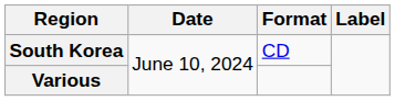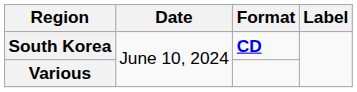 <table class="wikitable plainrowheaders">
 <tr>
 <th scope="col">Region</th>
 <th scope="col">Date</th>
 <th scope="col">Format</th>
 <th scope="col">Label</th>
 </tr>
 <tr>
 <th scope="row">South Korea</th>
 <td rowspan="2">June 10, 2024</td>
-<td><a href='#'>CD</a></td>
+<td><strong><a href='#'>CD</a></strong></td>
 <td rowspan="2"></td>
 </tr>
 <tr>
 <th scope="row">Various </th>
 <td></td>
 </tr>
 </table>
